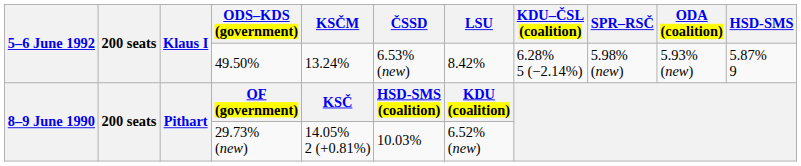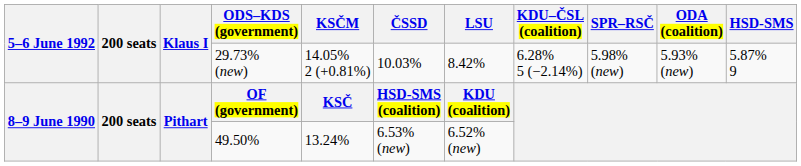 <table class=wikitable style=text-align:left>
 <tr>
 <th rowspan=2><a href='#'>5–6 June 1992</a></th>
 <th rowspan=2>200 seats</th>
 <th rowspan=2><a href='#'>Klaus I</a></th>
 <th><a href='#'>ODS–KDS</a><br><mark>(government)</mark></th>
 <th><a href='#'>KSČM</a></th>
 <th><a href='#'>ČSSD</a></th>
 <th><a href='#'>LSU</a></th>
 <th><a href='#'>KDU–ČSL</a><br><mark>(coalition)</mark></th>
 <th><a href='#'>SPR–RSČ</a></th>
 <th><a href='#'>ODA</a><br><mark>(coalition)</mark></th>
 <th><a href='#'>HSD-SMS</a></th>
 </tr>
 <tr>
-<td> 49.50%</td>
-<td> 13.24%</td>
-<td> 6.53%<br>(<em>new</em>)</td>
+<td> 29.73%<br>(<em>new</em>)</td>
+<td> 14.05%<br>2 (+0.81%)</td>
+<td> 10.03%</td>
 <td> 8.42%</td>
 <td> 6.28%<br>5 (−2.14%)</td>
 <td> 5.98%<br>(<em>new</em>)</td>
 <td> 5.93%<br>(<em>new</em>)</td>
 <td> 5.87%<br>9</td>
 </tr>
 <tr>
 <th rowspan=2><a href='#'>8–9 June 1990</a></th>
 <th rowspan=2>200 seats</th>
 <th rowspan=2><a href='#'>Pithart</a></th>
 <th><a href='#'>OF</a><br><mark>(government)</mark></th>
 <th><a href='#'>KSČ</a></th>
 <th><a href='#'>HSD-SMS</a><br><mark>(coalition)</mark></th>
 <th><a href='#'>KDU</a><br><mark>(coalition)</mark></th>
 <th colspan="4" rowspan="2" style=text-align:center> </th>
 </tr>
 <tr>
-<td> 29.73%<br>(<em>new</em>)</td>
-<td> 14.05%<br>2 (+0.81%)</td>
-<td> 10.03%</td>
+<td> 49.50%</td>
+<td> 13.24%</td>
+<td> 6.53%<br>(<em>new</em>)</td>
 <td> 6.52%<br>(<em>new</em>)</td>
 </tr>
 </table>
